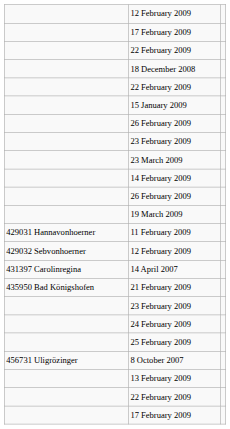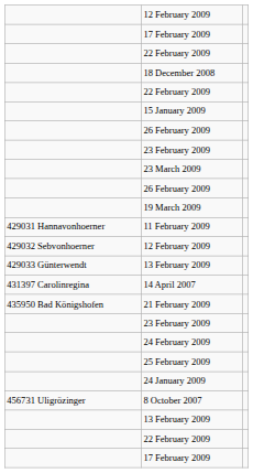 <table class="wikitable" style="font-size: 89%; float: left; width: 26em; margin-right: 1em; height: 700px;">
 <tr>
 <td></td>
 <td>12 February 2009</td>
 <td></td>
 </tr>
 <tr>
 <td></td>
 <td>17 February 2009</td>
 <td></td>
 </tr>
 <tr>
 <td></td>
 <td>22 February 2009</td>
 <td></td>
 </tr>
 <tr>
 <td></td>
 <td>18 December 2008</td>
 <td></td>
 </tr>
 <tr>
 <td></td>
 <td>22 February 2009</td>
 <td></td>
 </tr>
 <tr>
 <td></td>
 <td>15 January 2009</td>
 <td></td>
 </tr>
 <tr>
 <td></td>
 <td>26 February 2009</td>
 <td></td>
 </tr>
 <tr>
 <td></td>
 <td>23 February 2009</td>
 <td></td>
 </tr>
 <tr>
 <td></td>
 <td>23 March 2009</td>
 <td></td>
 </tr>
 <tr>
 <td></td>
-<td>14 February 2009</td>
-<td></td>
-</tr>
-<tr>
-<td></td>
 <td>26 February 2009</td>
 <td></td>
 </tr>
 <tr>
 <td></td>
 <td>19 March 2009</td>
 <td></td>
 </tr>
 <tr>
 <td>429031 Hannavonhoerner</td>
 <td>11 February 2009</td>
 <td></td>
 </tr>
 <tr>
 <td>429032 Sebvonhoerner</td>
 <td>12 February 2009</td>
+<td></td>
+</tr>
+<tr>
+<td>429033 Günterwendt</td>
+<td>13 February 2009</td>
 <td></td>
 </tr>
 <tr>
 <td>431397 Carolinregina</td>
 <td>14 April 2007</td>
 <td></td>
 </tr>
 <tr>
 <td>435950 Bad Königshofen</td>
 <td>21 February 2009</td>
 <td></td>
 </tr>
 <tr>
 <td></td>
 <td>23 February 2009</td>
 <td></td>
 </tr>
 <tr>
 <td></td>
 <td>24 February 2009</td>
 <td></td>
 </tr>
 <tr>
 <td></td>
 <td>25 February 2009</td>
 <td></td>
 </tr>
 <tr>
+<td></td>
+<td>24 January 2009</td>
+<td></td>
+</tr>
+<tr>
 <td>456731 Uligrözinger</td>
 <td>8 October 2007</td>
 <td></td>
 </tr>
 <tr>
 <td></td>
 <td>13 February 2009</td>
 <td></td>
 </tr>
 <tr>
 <td></td>
 <td>22 February 2009</td>
 <td></td>
 </tr>
 <tr>
 <td></td>
 <td>17 February 2009</td>
 <td></td>
 </tr>
 </table>
